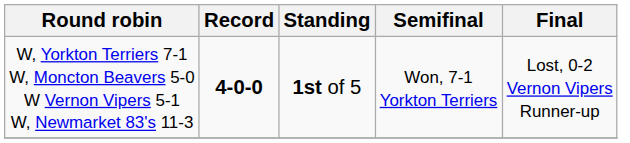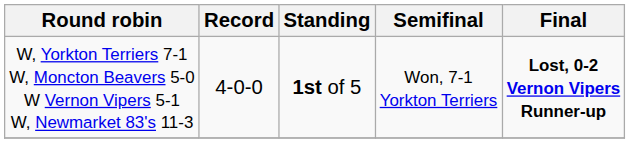 <table class="wikitable" style="text-align:center;">
 <tr>
 <th>Round robin</th>
 <th>Record</th>
 <th>Standing</th>
 <th>Semifinal</th>
 <th>Final</th>
 </tr>
 <tr>
 <td><small>W, <a href='#'>Yorkton Terriers</a> 7-1<br>W, <a href='#'>Moncton Beavers</a> 5-0<br>W <a href='#'>Vernon Vipers</a> 5-1<br>W, <a href='#'>Newmarket 83's</a> 11-3</small></td>
-<td><strong>4-0-0</strong></td>
+<td>4-0-0</td>
 <td><strong>1st</strong>  of 5</td>
 <td><small>Won,  7-1 <br><a href='#'>Yorkton Terriers</a></small></td>
-<td><small>Lost, 0-2<br><a href='#'>Vernon Vipers</a> <br>Runner-up</small></td>
+<td><strong><small>Lost, 0-2<br><a href='#'>Vernon Vipers</a> <br>Runner-up</small></strong></td>
 </tr>
 <tr>
 </tr>
 </table>
